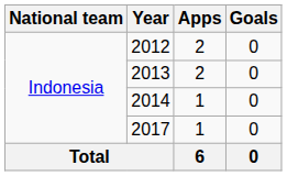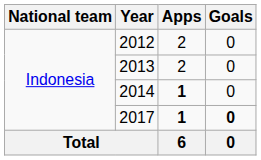 <table class=wikitable style=text-align:center>
 <tr>
 <th>National team</th>
 <th>Year</th>
 <th>Apps</th>
 <th>Goals</th>
 </tr>
 <tr>
 <td rowspan="4"><a href='#'>Indonesia</a></td>
 <td>2012</td>
 <td>2</td>
 <td>0</td>
 </tr>
 <tr>
 <td>2013</td>
 <td>2</td>
 <td>0</td>
 </tr>
 <tr>
 <td>2014</td>
-<td>1</td>
+<td><strong>1</strong></td>
 <td>0</td>
 </tr>
 <tr>
 <td>2017</td>
-<td>1</td>
-<td>0</td>
+<td><strong>1</strong></td>
+<td><strong>0</strong></td>
 </tr>
 <tr>
 <th colspan=2>Total</th>
 <th>6</th>
 <th>0</th>
 </tr>
 </table>
